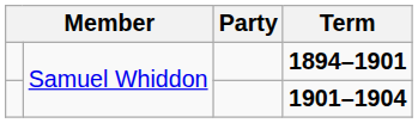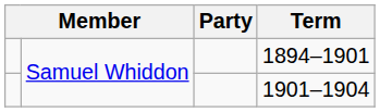 <table class="wikitable">
 <tr>
 <th colspan="2">Member</th>
 <th>Party</th>
 <th>Term</th>
 </tr>
 <tr>
 <td> </td>
 <td rowspan="2"><a href='#'>Samuel Whiddon</a></td>
 <td></td>
-<td><strong>1894–1901</strong></td>
+<td>1894–1901</td>
 </tr>
 <tr>
 <td> </td>
 <td></td>
-<td><strong>1901–1904</strong></td>
+<td>1901–1904</td>
 </tr>
 </table>
